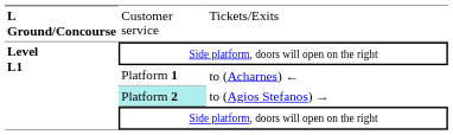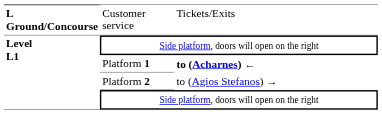 <table border=0 cellspacing=0 cellpadding=3>
 <tr>
 <td style="border-bottom:solid 1px gray;border-top:solid 2px gray;" width=50 valign=top><strong>L<br>Ground/Concourse</strong></td>
 <td style="border-top:solid 1px gray;border-bottom:solid 1px gray;" width=100 valign=top>Customer service</td>
 <td style="border-top:solid 1px gray;border-bottom:solid 1px gray;" width=285 valign=top>Tickets/Exits</td>
 </tr>
 <tr>
 <td style="border-bottom:solid 1px gray;" rowspan=4 valign=top><strong>Level<br>L1</strong></td>
 <td style="border-top:solid 2px black;border-right:solid 2px black;border-left:solid 2px black;border-bottom:solid 2px black;text-align:center;" colspan=2><small><a href='#'>Side platform</a>, doors will open on the right</small></td>
 </tr>
 <tr>
 <td style="border-bottom:solid 1px gray;">Platform <strong>1</strong></td>
-<td> to  (<a href='#'>Acharnes</a>) ←</td>
+<td><strong> to  (<a href='#'>Acharnes</a>) ←</strong></td>
 </tr>
 <tr>
-<td style="background: paleturquoise; border-bottom:solid 1px gray;">Platform <strong>2</strong></td>
+<td style="border-bottom:solid 1px gray;">Platform <strong>2</strong></td>
 <td> to  (<a href='#'>Agios Stefanos</a>) →</td>
 </tr>
 <tr>
 <td style="border-top:solid 2px black;border-left:solid 2px black;border-right:solid 2px black;border-bottom:solid 2px black;text-align:center;" colspan=2><small><a href='#'>Side platform</a>, doors will open on the right</small></td>
 </tr>
 </table>
